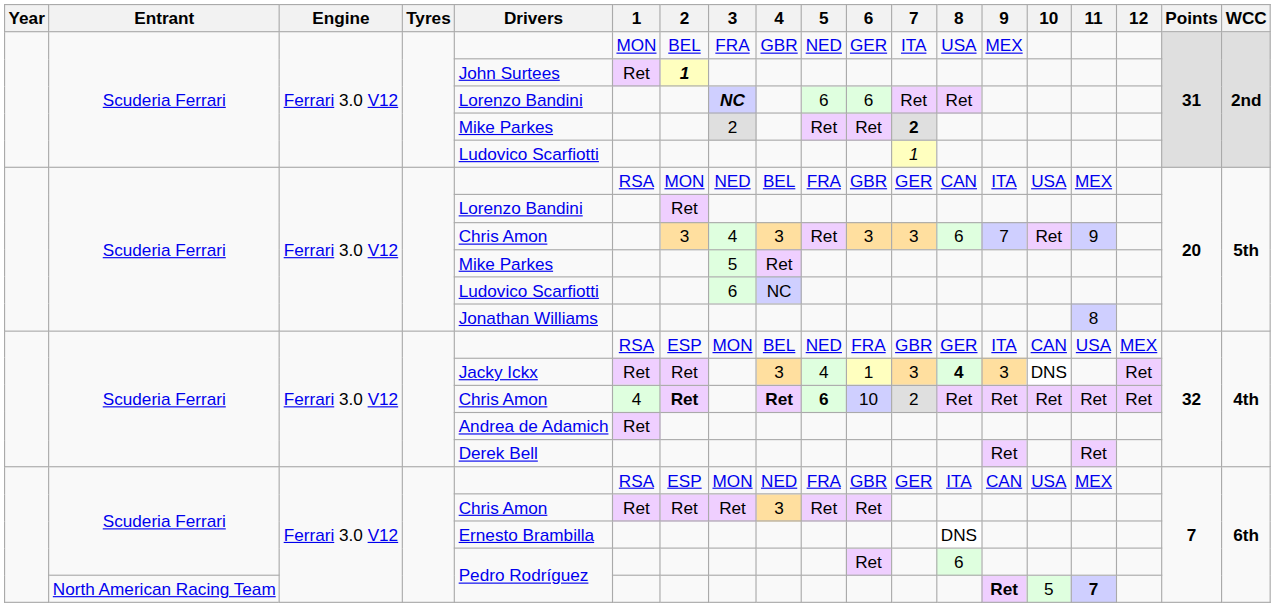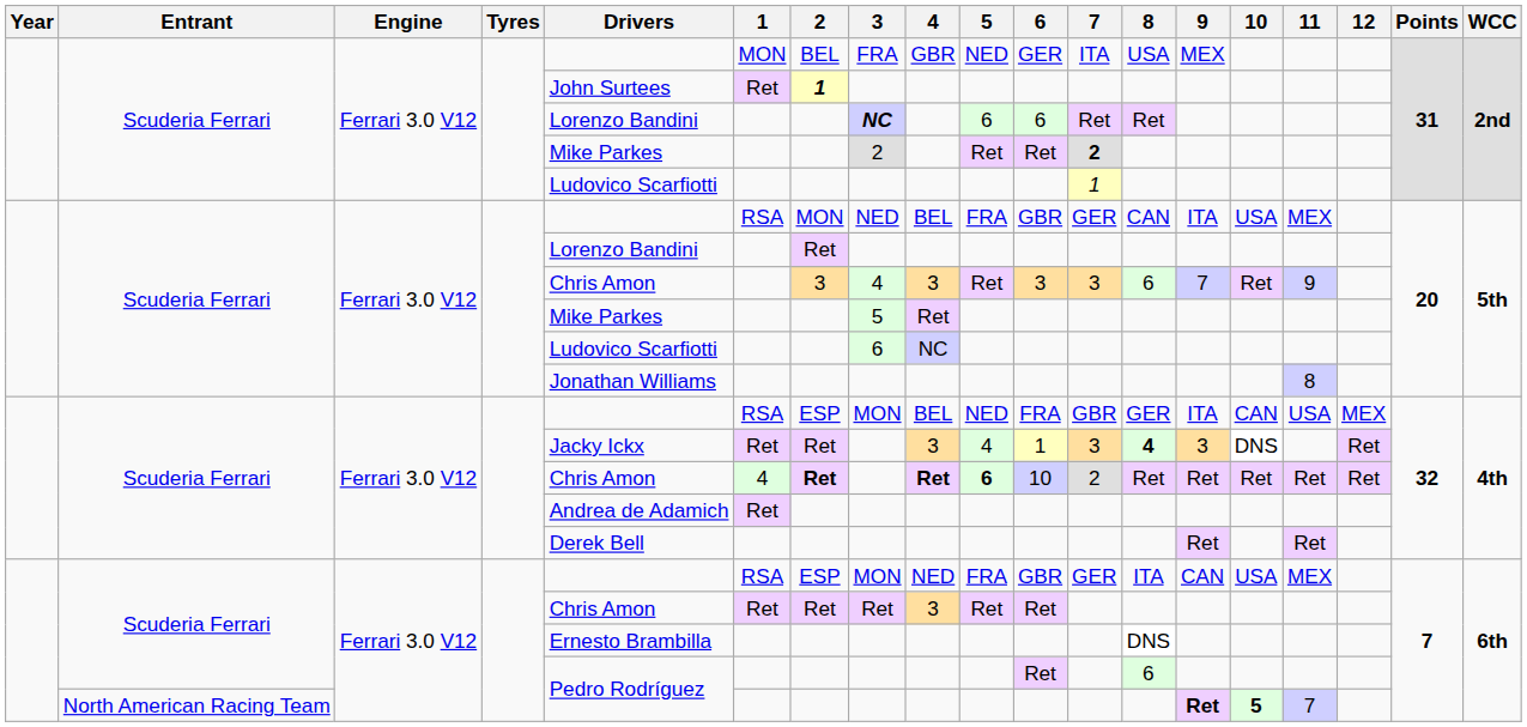 <table class="wikitable" style="text-align:center; font-size:95%">
 <tr>
 <th>Year</th>
 <th>Entrant</th>
 <th>Engine</th>
 <th>Tyres</th>
 <th>Drivers</th>
 <th>1</th>
 <th>2</th>
 <th>3</th>
 <th>4</th>
 <th>5</th>
 <th>6</th>
 <th>7</th>
 <th>8</th>
 <th>9</th>
 <th>10</th>
 <th>11</th>
 <th>12</th>
 <th>Points</th>
 <th>WCC</th>
 </tr>
 <tr>
 <td rowspan="5"></td>
 <td rowspan="5"><a href='#'>Scuderia Ferrari</a></td>
 <td rowspan="5"><a href='#'>Ferrari</a> 3.0 <a href='#'>V12</a></td>
 <td rowspan="5"><br></td>
 <td></td>
 <td><a href='#'>MON</a></td>
 <td><a href='#'>BEL</a></td>
 <td><a href='#'>FRA</a></td>
 <td><a href='#'>GBR</a></td>
 <td><a href='#'>NED</a></td>
 <td><a href='#'>GER</a></td>
 <td><a href='#'>ITA</a></td>
 <td><a href='#'>USA</a></td>
 <td><a href='#'>MEX</a></td>
 <td></td>
 <td></td>
 <td></td>
 <td style="background:#dfdfdf;" rowspan="5"><strong>31</strong></td>
 <td style="background:#dfdfdf;" rowspan="5"><strong>2nd</strong></td>
 </tr>
 <tr>
 <td align="left"><a href='#'>John Surtees</a></td>
 <td style="background:#EFCFFF;">Ret</td>
 <td style="background:#FFFFBF;"><strong><em>1</em></strong></td>
 <td></td>
 <td></td>
 <td></td>
 <td></td>
 <td></td>
 <td></td>
 <td></td>
 <td></td>
 <td></td>
 <td></td>
 </tr>
 <tr>
 <td align="left"><a href='#'>Lorenzo Bandini</a></td>
 <td></td>
 <td></td>
 <td style="background:#CFCFFF;"><strong><em>NC</em></strong></td>
 <td></td>
 <td style="background:#DFFFDF;">6</td>
 <td style="background:#DFFFDF;">6</td>
 <td style="background:#EFCFFF;">Ret</td>
 <td style="background:#EFCFFF;">Ret</td>
 <td></td>
 <td></td>
 <td></td>
 <td></td>
 </tr>
 <tr>
 <td align="left"><a href='#'>Mike Parkes</a></td>
 <td></td>
 <td></td>
 <td style="background:#DFDFDF;">2</td>
 <td></td>
 <td style="background:#EFCFFF;">Ret</td>
 <td style="background:#EFCFFF;">Ret</td>
 <td style="background:#DFDFDF;"><strong>2</strong></td>
 <td></td>
 <td></td>
 <td></td>
 <td></td>
 <td></td>
 </tr>
 <tr>
 <td align="left"><a href='#'>Ludovico Scarfiotti</a></td>
 <td></td>
 <td></td>
 <td></td>
 <td></td>
 <td></td>
 <td></td>
 <td style="background:#FFFFBF;"><em>1</em></td>
 <td></td>
 <td></td>
 <td></td>
 <td></td>
 <td></td>
 </tr>
 <tr>
 <td rowspan="6"></td>
 <td rowspan="6"><a href='#'>Scuderia Ferrari</a></td>
 <td rowspan="6"><a href='#'>Ferrari</a> 3.0 <a href='#'>V12</a></td>
 <td rowspan="6"></td>
 <td></td>
 <td><a href='#'>RSA</a></td>
 <td><a href='#'>MON</a></td>
 <td><a href='#'>NED</a></td>
 <td><a href='#'>BEL</a></td>
 <td><a href='#'>FRA</a></td>
 <td><a href='#'>GBR</a></td>
 <td><a href='#'>GER</a></td>
 <td><a href='#'>CAN</a></td>
 <td><a href='#'>ITA</a></td>
 <td><a href='#'>USA</a></td>
 <td><a href='#'>MEX</a></td>
 <td></td>
 <td rowspan="6"><strong>20</strong></td>
 <td rowspan="6"><strong>5th</strong></td>
 </tr>
 <tr>
 <td align="left"><a href='#'>Lorenzo Bandini</a></td>
 <td></td>
 <td style="background:#efcfff;">Ret</td>
 <td></td>
 <td></td>
 <td></td>
 <td></td>
 <td></td>
 <td></td>
 <td></td>
 <td></td>
 <td></td>
 <td></td>
 </tr>
 <tr>
 <td align="left"><a href='#'>Chris Amon</a></td>
 <td></td>
 <td style="background:#ffdf9f;">3</td>
 <td style="background:#dfffdf;">4</td>
 <td style="background:#ffdf9f;">3</td>
 <td style="background:#efcfff;">Ret</td>
 <td style="background:#ffdf9f;">3</td>
 <td style="background:#ffdf9f;">3</td>
 <td style="background:#dfffdf;">6</td>
 <td style="background:#cfcfff;">7</td>
 <td style="background:#efcfff;">Ret</td>
 <td style="background:#cfcfff;">9</td>
 </tr>
 <tr>
 <td align="left"><a href='#'>Mike Parkes</a></td>
 <td></td>
 <td></td>
 <td style="background:#dfffdf;">5</td>
 <td style="background:#efcfff;">Ret</td>
 <td></td>
 <td></td>
 <td></td>
 <td></td>
 <td></td>
 <td></td>
 <td></td>
 <td></td>
 </tr>
 <tr>
 <td align="left"><a href='#'>Ludovico Scarfiotti</a></td>
 <td></td>
 <td></td>
 <td style="background:#dfffdf;">6</td>
 <td style="background:#cfcfff;">NC</td>
 <td></td>
 <td></td>
 <td></td>
 <td></td>
 <td></td>
 <td></td>
 <td></td>
 <td></td>
 </tr>
 <tr>
 <td align="left"><a href='#'>Jonathan Williams</a></td>
 <td></td>
 <td></td>
 <td></td>
 <td></td>
 <td></td>
 <td></td>
 <td></td>
 <td></td>
 <td></td>
 <td></td>
 <td style="background:#cfcfff;">8</td>
 <td></td>
 </tr>
 <tr>
 <td rowspan="5"></td>
 <td rowspan="5"><a href='#'>Scuderia Ferrari</a></td>
 <td rowspan="5"><a href='#'>Ferrari</a> 3.0 <a href='#'>V12</a></td>
 <td rowspan="5"></td>
 <td></td>
 <td><a href='#'>RSA</a></td>
 <td><a href='#'>ESP</a></td>
 <td><a href='#'>MON</a></td>
 <td><a href='#'>BEL</a></td>
 <td><a href='#'>NED</a></td>
 <td><a href='#'>FRA</a></td>
 <td><a href='#'>GBR</a></td>
 <td><a href='#'>GER</a></td>
 <td><a href='#'>ITA</a></td>
 <td><a href='#'>CAN</a></td>
 <td><a href='#'>USA</a></td>
 <td><a href='#'>MEX</a></td>
 <td rowspan="5"><strong>32</strong></td>
 <td rowspan="5"><strong>4th</strong></td>
 </tr>
 <tr>
 <td align="left"><a href='#'>Jacky Ickx</a></td>
 <td style="background:#efcfff;">Ret</td>
 <td style="background:#efcfff;">Ret</td>
 <td></td>
 <td style="background:#ffdf9f;">3</td>
 <td style="background:#dfffdf;">4</td>
 <td style="background:#ffffbf;">1</td>
 <td style="background:#ffdf9f;">3</td>
 <td style="background:#dfffdf;"><strong>4</strong></td>
 <td style="background:#ffdf9f;">3</td>
 <td style="background:#ffffff;">DNS</td>
 <td></td>
 <td style="background:#efcfff;">Ret</td>
 </tr>
 <tr>
 <td align="left"><a href='#'>Chris Amon</a></td>
 <td style="background:#dfffdf;">4</td>
 <td style="background:#efcfff;"><strong>Ret</strong></td>
 <td></td>
 <td style="background:#efcfff;"><strong>Ret</strong></td>
 <td style="background:#dfffdf;"><strong>6</strong></td>
 <td style="background:#cfcfff;">10</td>
 <td style="background:#dfdfdf;">2</td>
 <td style="background:#efcfff;">Ret</td>
 <td style="background:#efcfff;">Ret</td>
 <td style="background:#efcfff;">Ret</td>
 <td style="background:#efcfff;">Ret</td>
 <td style="background:#efcfff;">Ret</td>
 </tr>
 <tr>
 <td align="left"><a href='#'>Andrea de Adamich</a></td>
 <td style="background:#efcfff;">Ret</td>
 <td></td>
 <td></td>
 <td></td>
 <td></td>
 <td></td>
 <td></td>
 <td></td>
 <td></td>
 <td></td>
 <td></td>
 <td></td>
 </tr>
 <tr>
 <td align="left"><a href='#'>Derek Bell</a></td>
 <td></td>
 <td></td>
 <td></td>
 <td></td>
 <td></td>
 <td></td>
 <td></td>
 <td></td>
 <td style="background:#efcfff;">Ret</td>
 <td></td>
 <td style="background:#efcfff;">Ret</td>
 <td></td>
 </tr>
 <tr>
 <td rowspan="5"></td>
 <td rowspan="4"><a href='#'>Scuderia Ferrari</a></td>
 <td rowspan="5"><a href='#'>Ferrari</a> 3.0 <a href='#'>V12</a></td>
 <td rowspan="5"></td>
 <td></td>
 <td><a href='#'>RSA</a></td>
 <td><a href='#'>ESP</a></td>
 <td><a href='#'>MON</a></td>
 <td><a href='#'>NED</a></td>
 <td><a href='#'>FRA</a></td>
 <td><a href='#'>GBR</a></td>
 <td><a href='#'>GER</a></td>
 <td><a href='#'>ITA</a></td>
 <td><a href='#'>CAN</a></td>
 <td><a href='#'>USA</a></td>
 <td><a href='#'>MEX</a></td>
 <td></td>
 <td rowspan="5"><strong>7</strong></td>
 <td rowspan="5"><strong>6th</strong></td>
 </tr>
 <tr>
 <td align="left"><a href='#'>Chris Amon</a></td>
 <td style="background:#efcfff;">Ret</td>
 <td style="background:#efcfff;">Ret</td>
 <td style="background:#efcfff;">Ret</td>
 <td style="background:#ffdf9f;">3</td>
 <td style="background:#efcfff;">Ret</td>
 <td style="background:#efcfff;">Ret</td>
 <td></td>
 <td></td>
 <td></td>
 <td></td>
 <td></td>
 <td></td>
 </tr>
 <tr>
 <td align="left"><a href='#'>Ernesto Brambilla</a></td>
 <td></td>
 <td></td>
 <td></td>
 <td></td>
 <td></td>
 <td></td>
 <td></td>
 <td style="background:#ffffff;">DNS</td>
 <td></td>
 <td></td>
 <td></td>
 <td></td>
 </tr>
 <tr>
 <td rowspan="2" align="left"><a href='#'>Pedro Rodríguez</a></td>
 <td></td>
 <td></td>
 <td></td>
 <td></td>
 <td></td>
 <td style="background:#efcfff;">Ret</td>
 <td></td>
 <td style="background:#dfffdf;">6</td>
 <td></td>
 <td></td>
 <td></td>
 <td></td>
 </tr>
 <tr>
 <td><a href='#'>North American Racing Team</a></td>
 <td></td>
 <td></td>
 <td></td>
 <td></td>
 <td></td>
 <td></td>
 <td></td>
 <td></td>
 <td style="background:#efcfff;"><strong>Ret</strong></td>
-<td style="background:#dfffdf;">5</td>
-<td style="background:#cfcfff;"><strong>7</strong></td>
+<td style="background:#dfffdf;"><strong>5</strong></td>
+<td style="background:#cfcfff;">7</td>
 <td></td>
 </tr>
 </table>
